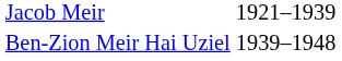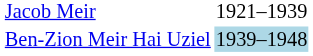 <table>
 <tr>
 <td><a href='#'>Jacob Meir</a></td>
 <td>1921–1939</td>
 </tr>
 <tr>
 <td><a href='#'>Ben-Zion Meir Hai Uziel</a></td>
-<td>1939–1948</td>
+<td style="background: lightblue;">1939–1948</td>
 </tr>
 </table>
